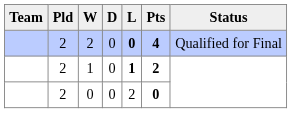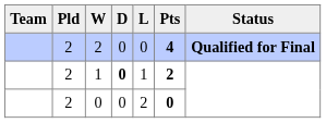 <table style=border-collapse:collapse border=1 cellspacing=0 cellpadding=5>
 <tr align=center bgcolor=#efefef>
 <th>Team</th>
 <th>Pld</th>
 <th>W</th>
 <th>D</th>
 <th>L</th>
 <th>Pts</th>
 <th>Status</th>
 </tr>
 <tr align=center style="background:#bbccff;">
 <td style="text-align:left;"> </td>
 <td>2</td>
 <td>2</td>
 <td>0</td>
-<td><strong>0</strong></td>
+<td>0</td>
 <td><strong>4</strong></td>
-<td rowspan=1>Qualified for Final</td>
+<td rowspan=1><strong>Qualified for Final</strong></td>
 </tr>
 <tr align=center style="background:#FFFFFF;">
 <td style="text-align:left;"> </td>
 <td>2</td>
 <td>1</td>
-<td>0</td>
-<td><strong>1</strong></td>
+<td><strong>0</strong></td>
+<td>1</td>
 <td><strong>2</strong></td>
 <td rowspan=2></td>
 </tr>
 <tr align=center style="background:#FFFFFF;">
 <td style="text-align:left;"> </td>
 <td>2</td>
 <td>0</td>
 <td>0</td>
 <td>2</td>
 <td><strong>0</strong></td>
 </tr>
 </table>
